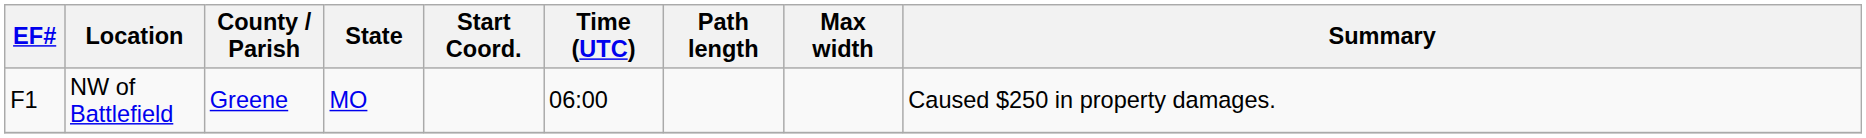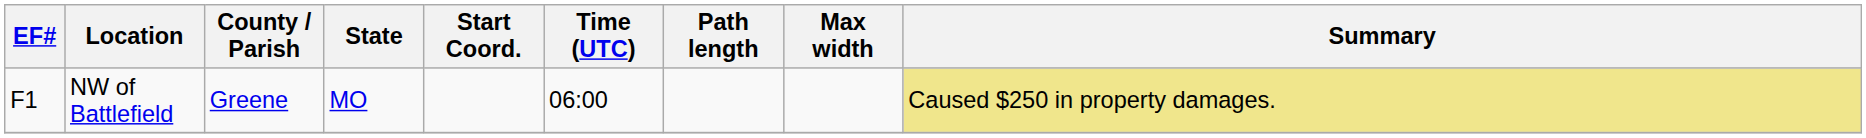 <table class="wikitable sortable" style="width:100%;">
 <tr>
 <th scope="col"  style="width:3%; text-align:center;"><a href='#'>EF#</a></th>
 <th scope="col"  style="width:7%; text-align:center;" class="unsortable">Location</th>
 <th scope="col"  style="width:6%; text-align:center;" class="unsortable">County / Parish</th>
 <th scope="col"  style="width:5%; text-align:center;">State</th>
 <th scope="col"  style="width:6%; text-align:center;">Start Coord.</th>
 <th scope="col"  style="width:6%; text-align:center;">Time (<a href='#'>UTC</a>)</th>
 <th scope="col"  style="width:6%; text-align:center;">Path length</th>
 <th scope="col"  style="width:6%; text-align:center;">Max width</th>
 <th scope="col" class="unsortable" style="width:48%; text-align:center;">Summary</th>
 </tr>
 <tr>
 <td bgcolor=>F1</td>
 <td>NW of <a href='#'>Battlefield</a></td>
 <td><a href='#'>Greene</a></td>
 <td><a href='#'>MO</a></td>
 <td></td>
 <td>06:00</td>
 <td></td>
 <td></td>
-<td>Caused $250 in property damages.</td>
+<td style="background: khaki;">Caused $250 in property damages.</td>
 </tr>
 <tr>
 </tr>
 </table>
